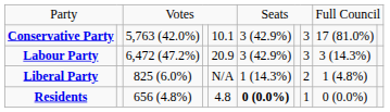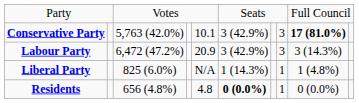 <table class=wikitable style="text-align:center;">
 <tr>
 <td colspan=2>Party</td>
 <td colspan=3>Votes</td>
 <td colspan=3>Seats</td>
 <td colspan=3>Full Council</td>
 </tr>
 <tr>
 <td><strong><a href='#'>Conservative Party</a></strong></td>
 <td style="background:"></td>
 <td>5,763 (42.0%)</td>
 <td></td>
 <td> 10.1</td>
 <td>3 (42.9%)</td>
 <td></td>
 <td> 3</td>
-<td>17 (81.0%)</td>
+<td><strong>17 (81.0%)</strong></td>
 <td></td>
 </tr>
 <tr>
 <td><strong><a href='#'>Labour Party</a></strong></td>
 <td style="background:"></td>
 <td>6,472 (47.2%)</td>
 <td></td>
 <td> 20.9</td>
 <td>3 (42.9%)</td>
 <td></td>
 <td> 3</td>
 <td>3 (14.3%)</td>
 <td></td>
 </tr>
 <tr>
 <td><strong><a href='#'>Liberal Party</a></strong></td>
 <td style="background:"></td>
 <td>825 (6.0%)</td>
 <td></td>
 <td>N/A</td>
 <td>1 (14.3%)</td>
 <td></td>
-<td> 2</td>
+<td> 1</td>
 <td>1 (4.8%)</td>
 <td></td>
 </tr>
 <tr>
 <td><strong><a href='#'>Residents</a></strong></td>
 <td style="background:"></td>
 <td>656 (4.8%)</td>
 <td></td>
 <td> 4.8</td>
 <td><strong>0 (0.0%)</strong></td>
 <td></td>
 <td> 1</td>
 <td>0  (0.0%)</td>
 <td></td>
 </tr>
 </table>
